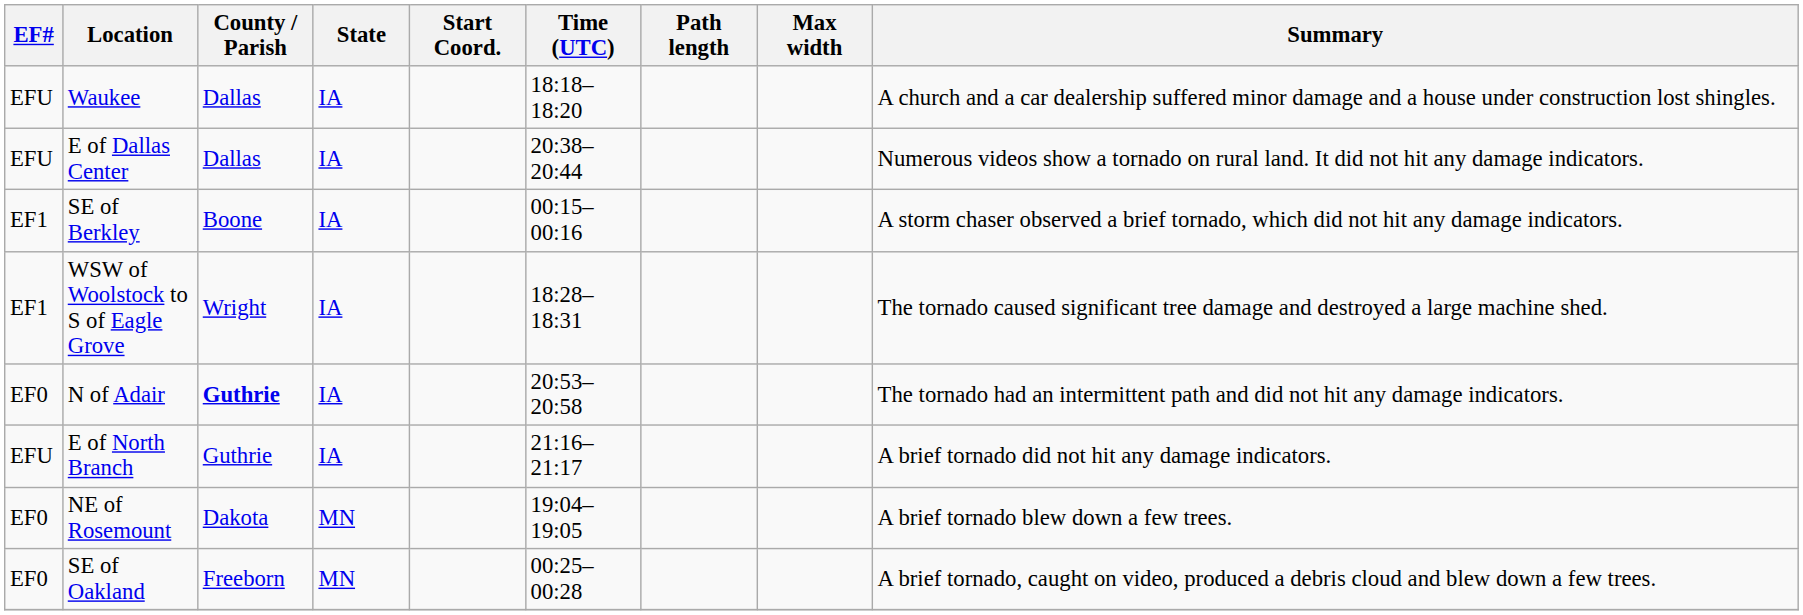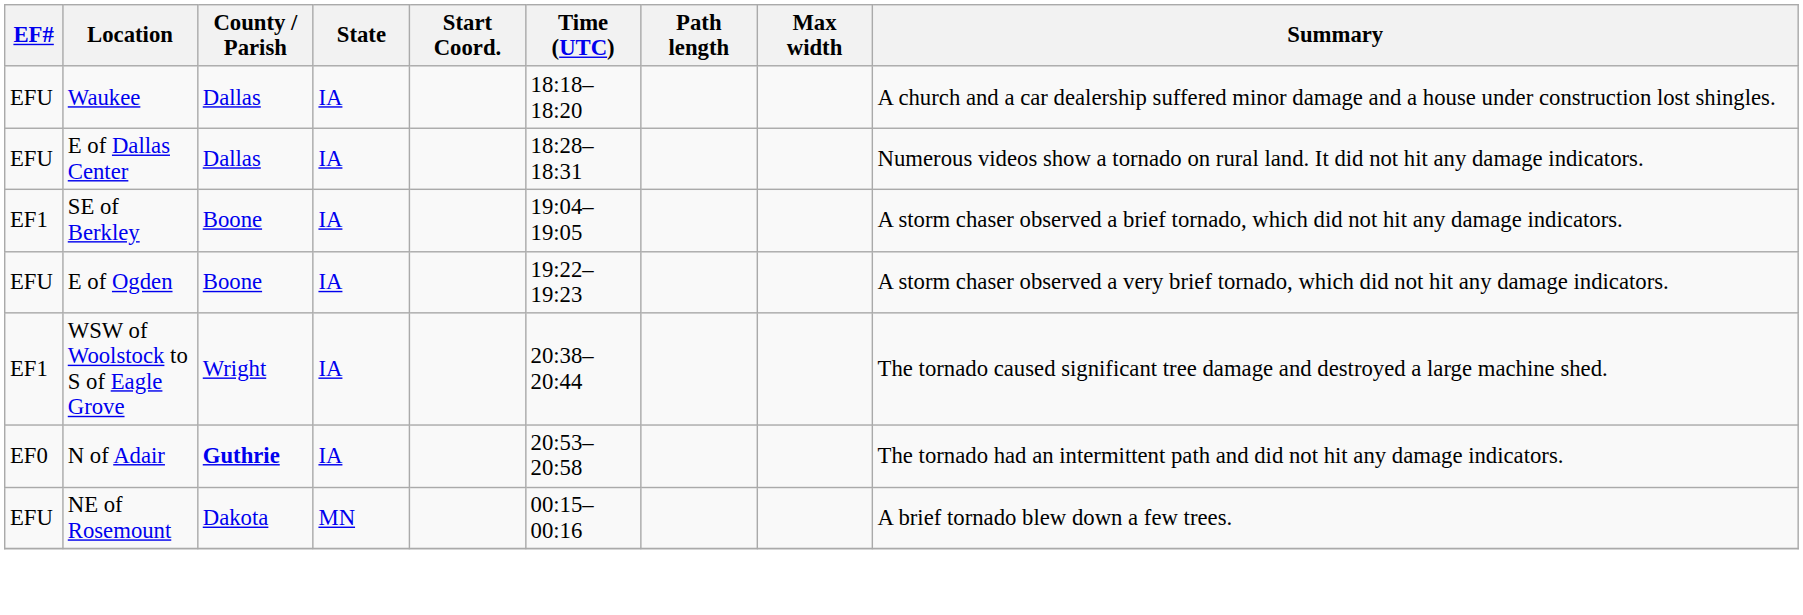 <table class="wikitable sortable" style="width:100%;">
 <tr>
 <th scope="col"  style="width:3%; text-align:center;"><a href='#'>EF#</a></th>
 <th scope="col"  style="width:7%; text-align:center;" class="unsortable">Location</th>
 <th scope="col"  style="width:6%; text-align:center;" class="unsortable">County / Parish</th>
 <th scope="col"  style="width:5%; text-align:center;">State</th>
 <th scope="col"  style="width:6%; text-align:center;">Start Coord.</th>
 <th scope="col"  style="width:6%; text-align:center;">Time (<a href='#'>UTC</a>)</th>
 <th scope="col"  style="width:6%; text-align:center;">Path length</th>
 <th scope="col"  style="width:6%; text-align:center;">Max width</th>
 <th scope="col" class="unsortable" style="width:48%; text-align:center;">Summary</th>
 </tr>
 <tr>
 <td>EFU</td>
 <td><a href='#'>Waukee</a></td>
 <td><a href='#'>Dallas</a></td>
 <td><a href='#'>IA</a></td>
 <td></td>
 <td>18:18–18:20</td>
 <td></td>
 <td></td>
 <td>A church and a car dealership suffered minor damage and a house under construction lost shingles.</td>
 </tr>
 <tr>
 <td>EFU</td>
 <td>E of <a href='#'>Dallas Center</a></td>
 <td><a href='#'>Dallas</a></td>
 <td><a href='#'>IA</a></td>
 <td></td>
-<td>20:38–20:44</td>
+<td>18:28–18:31</td>
 <td></td>
 <td></td>
 <td>Numerous videos show a tornado on rural land. It did not hit any damage indicators.</td>
 </tr>
 <tr>
 <td>EF1</td>
 <td>SE of <a href='#'>Berkley</a></td>
 <td><a href='#'>Boone</a></td>
 <td><a href='#'>IA</a></td>
 <td></td>
-<td>00:15–00:16</td>
+<td>19:04–19:05</td>
 <td></td>
 <td></td>
 <td>A storm chaser observed a brief tornado, which did not hit any damage indicators.</td>
+</tr>
+<tr>
+<td>EFU</td>
+<td>E of <a href='#'>Ogden</a></td>
+<td><a href='#'>Boone</a></td>
+<td><a href='#'>IA</a></td>
+<td></td>
+<td>19:22–19:23</td>
+<td></td>
+<td></td>
+<td>A storm chaser observed a very brief tornado, which did not hit any damage indicators.</td>
 </tr>
 <tr>
 <td>EF1</td>
 <td>WSW of <a href='#'>Woolstock</a> to S of <a href='#'>Eagle Grove</a></td>
 <td><a href='#'>Wright</a></td>
 <td><a href='#'>IA</a></td>
 <td></td>
-<td>18:28–18:31</td>
+<td>20:38–20:44</td>
 <td></td>
 <td></td>
 <td>The tornado caused significant tree damage and destroyed a large machine shed.</td>
 </tr>
 <tr>
 <td>EF0</td>
 <td>N of <a href='#'>Adair</a></td>
 <td><strong><a href='#'>Guthrie</a></strong></td>
 <td><a href='#'>IA</a></td>
 <td></td>
 <td>20:53–20:58</td>
 <td></td>
 <td></td>
 <td>The tornado had an intermittent path and did not hit any damage indicators.</td>
 </tr>
 <tr>
 <td>EFU</td>
-<td>E of <a href='#'>North Branch</a></td>
-<td><a href='#'>Guthrie</a></td>
-<td><a href='#'>IA</a></td>
-<td></td>
-<td>21:16–21:17</td>
-<td></td>
-<td></td>
-<td>A brief tornado did not hit any damage indicators.</td>
-</tr>
-<tr>
-<td>EF0</td>
 <td>NE of <a href='#'>Rosemount</a></td>
 <td><a href='#'>Dakota</a></td>
 <td><a href='#'>MN</a></td>
 <td></td>
-<td>19:04–19:05</td>
+<td>00:15–00:16</td>
 <td></td>
 <td></td>
 <td>A brief tornado blew down a few trees.</td>
 </tr>
 <tr>
-<td>EF0</td>
-<td>SE of <a href='#'>Oakland</a></td>
-<td><a href='#'>Freeborn</a></td>
-<td><a href='#'>MN</a></td>
-<td></td>
-<td>00:25–00:28</td>
-<td></td>
-<td></td>
-<td>A brief tornado, caught on video, produced a debris cloud and blew down a few trees.</td>
-</tr>
-<tr>
 </tr>
 </table>
